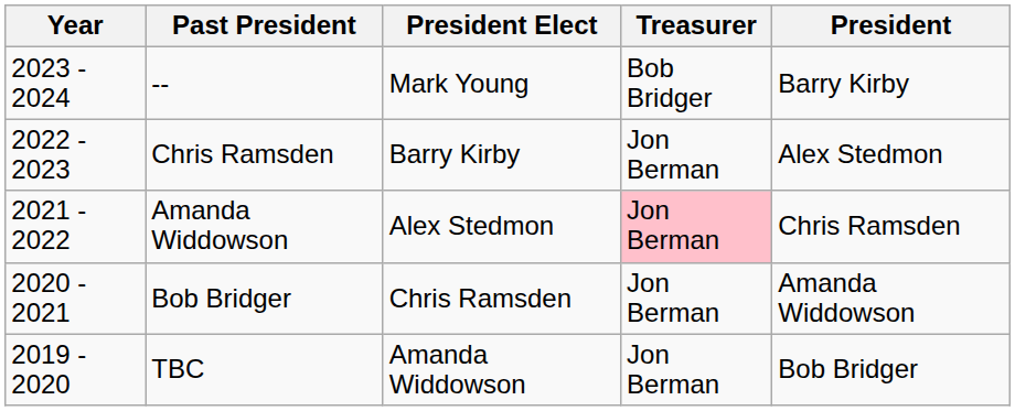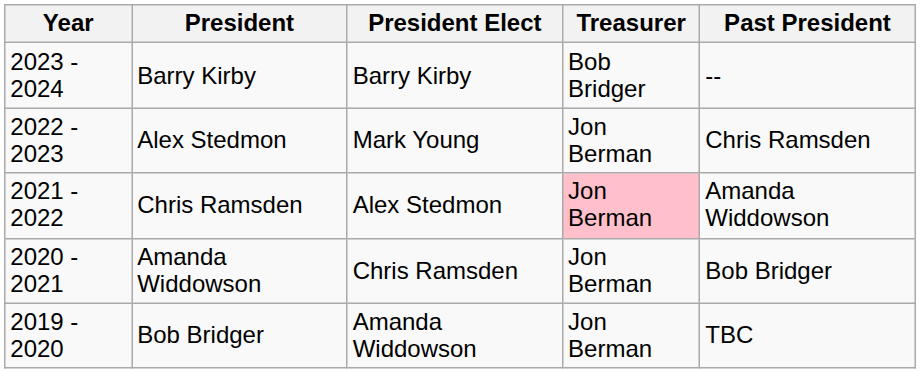 <table class="wikitable">
 <tr>
 <th>Year</th>
-<th>Past President</th>
+<th>President</th>
 <th>President Elect</th>
 <th>Treasurer</th>
-<th>President</th>
+<th>Past President</th>
 </tr>
 <tr>
 <td>2023 - 2024</td>
+<td>Barry Kirby</td>
+<td>Barry Kirby</td>
+<td>Bob Bridger</td>
 <td>--</td>
-<td>Mark Young</td>
-<td>Bob Bridger</td>
-<td>Barry Kirby</td>
 </tr>
 <tr>
 <td>2022 - 2023</td>
+<td>Alex Stedmon</td>
+<td>Mark Young</td>
+<td>Jon Berman</td>
 <td>Chris Ramsden</td>
-<td>Barry Kirby</td>
-<td>Jon Berman</td>
-<td>Alex Stedmon</td>
 </tr>
 <tr>
 <td>2021 - 2022</td>
-<td>Amanda Widdowson</td>
+<td>Chris Ramsden</td>
 <td>Alex Stedmon</td>
 <td style="background: pink;">Jon Berman</td>
-<td>Chris Ramsden</td>
+<td>Amanda Widdowson</td>
 </tr>
 <tr>
 <td>2020 - 2021</td>
-<td>Bob Bridger</td>
+<td>Amanda Widdowson</td>
 <td>Chris Ramsden</td>
 <td>Jon Berman</td>
-<td>Amanda Widdowson</td>
+<td>Bob Bridger</td>
 </tr>
 <tr>
 <td>2019 - 2020</td>
-<td>TBC</td>
+<td>Bob Bridger</td>
 <td>Amanda Widdowson</td>
 <td>Jon Berman</td>
-<td>Bob Bridger</td>
+<td>TBC</td>
 </tr>
 </table>
